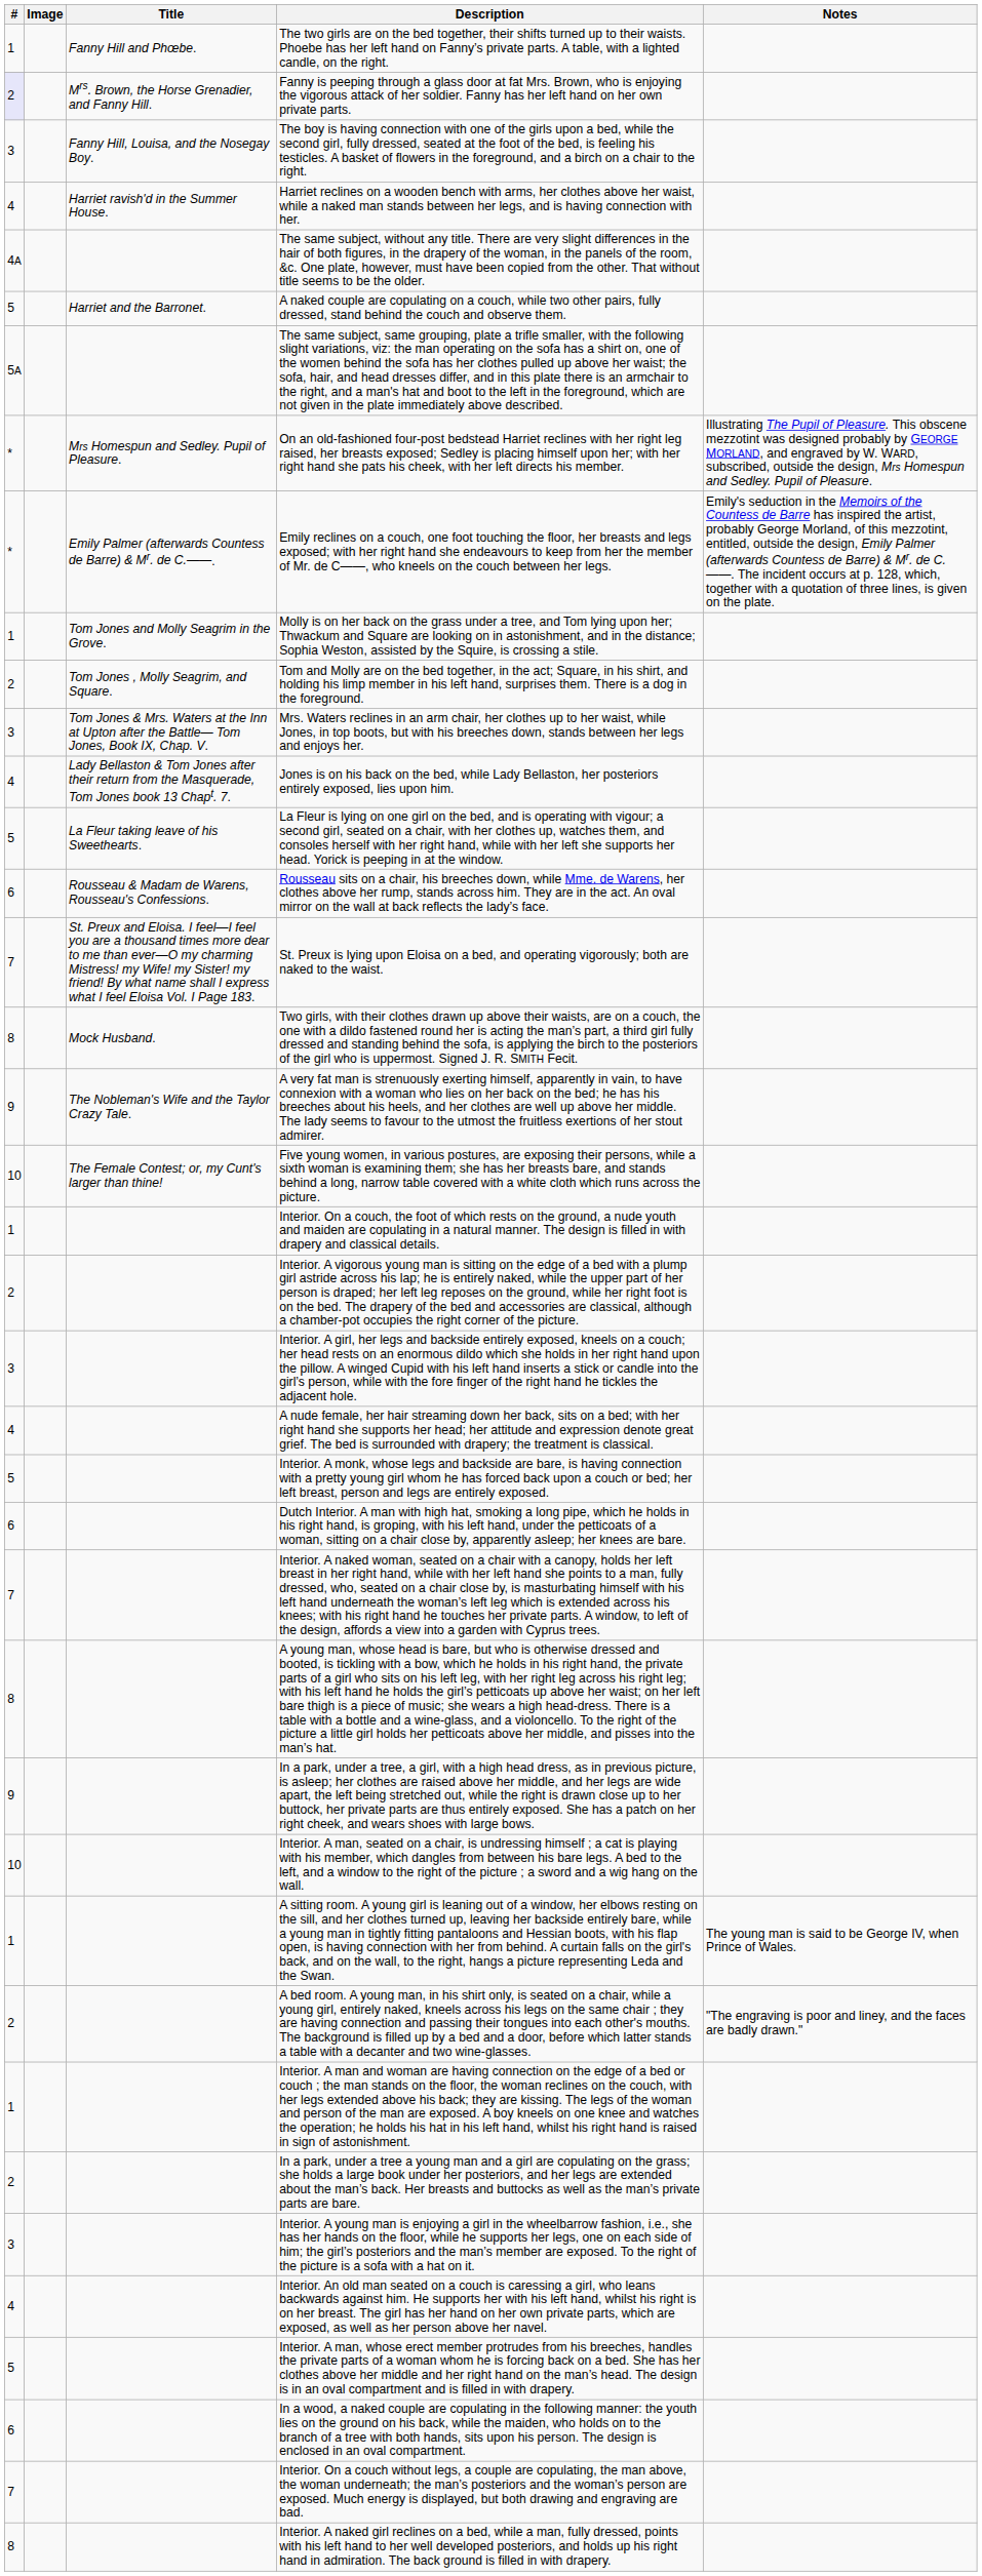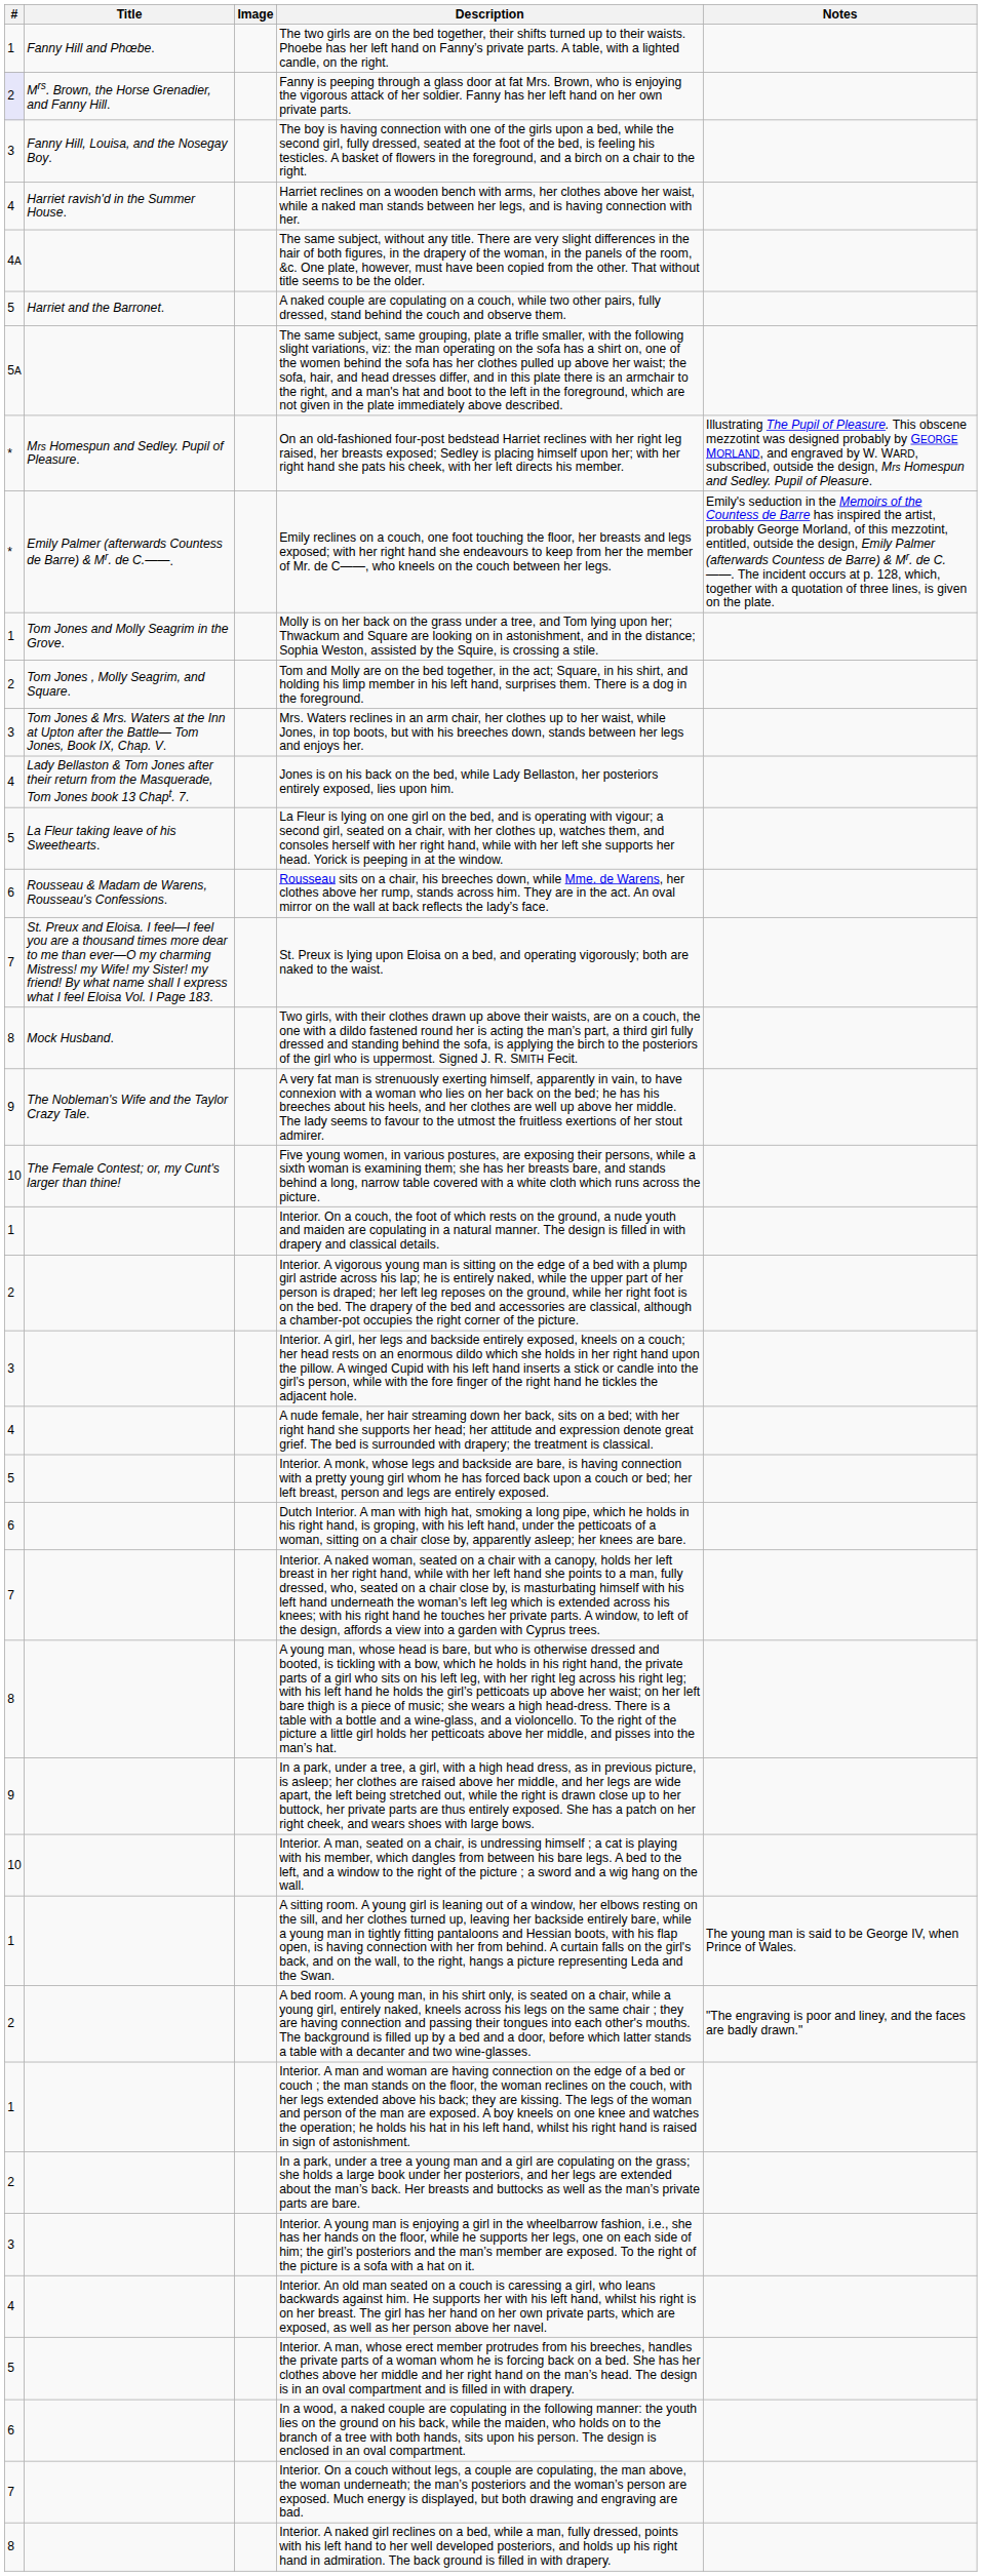 <table class="wikitable">
 <tr>
 <th>#</th>
+<th>Title</th>
 <th>Image</th>
-<th>Title</th>
 <th>Description</th>
 <th>Notes</th>
 </tr>
 <tr>
 <td>1</td>
+<td><em>Fanny Hill and Phœbe</em>.</td>
 <td></td>
-<td><em>Fanny Hill and Phœbe</em>.</td>
 <td>The two girls are on the bed together, their shifts turned up to their waists. Phoebe has her left hand on Fanny’s private parts. A table, with a lighted candle, on the right.</td>
 <td></td>
 </tr>
 <tr>
 <td style="background: lavender;">2</td>
+<td><em>M<sup>rs</sup>. Brown, the Horse Grenadier, and Fanny Hill</em>.</td>
 <td></td>
-<td><em>M<sup>rs</sup>. Brown, the Horse Grenadier, and Fanny Hill</em>.</td>
 <td>Fanny is peeping through a glass door at fat Mrs. Brown, who is enjoying the vigorous attack of her soldier. Fanny has her left hand on her own private parts.</td>
 <td></td>
 </tr>
 <tr>
 <td>3</td>
+<td><em>Fanny Hill, Louisa, and the Nosegay Boy</em>.</td>
 <td></td>
-<td><em>Fanny Hill, Louisa, and the Nosegay Boy</em>.</td>
 <td>The boy is having connection with one of the girls upon a bed, while the second girl, fully dressed, seated at the foot of the bed, is feeling his testicles. A basket of flowers in the foreground, and a birch on a chair to the right.</td>
 <td></td>
 </tr>
 <tr>
 <td>4</td>
+<td><em>Harriet ravish'd in the Summer House</em>.</td>
 <td></td>
-<td><em>Harriet ravish'd in the Summer House</em>.</td>
 <td>Harriet reclines on a wooden bench with arms, her clothes above her waist, while a naked man stands between her legs, and is having connection with her.</td>
 <td></td>
 </tr>
 <tr>
 <td>4<small>A</small></td>
 <td></td>
 <td></td>
 <td>The same subject, without any title. There are very slight differences in the hair of both figures, in the drapery of the woman, in the panels of the room, &c. One plate, however, must have been copied from the other. That without title seems to be the older.</td>
 <td></td>
 </tr>
 <tr>
 <td>5</td>
+<td><em>Harriet and the Barronet</em>.</td>
 <td></td>
-<td><em>Harriet and the Barronet</em>.</td>
 <td>A naked couple are copulating on a couch, while two other pairs, fully dressed, stand behind the couch and observe them.</td>
 <td></td>
 </tr>
 <tr>
 <td>5<small>A</small></td>
 <td></td>
 <td></td>
 <td>The same subject, same grouping, plate a trifle smaller, with the following slight variations, viz: the man operating on the sofa has a shirt on, one of the women behind the sofa has her clothes pulled up above her waist; the sofa, hair, and head dresses differ, and in this plate there is an armchair to the right, and a man's hat and boot to the left in the foreground, which are not given in the plate immediately above described.</td>
 <td></td>
 </tr>
 <tr>
 <td>*</td>
+<td><em>M<small>rs</small> Homespun and Sedley. Pupil of Pleasure</em>.</td>
 <td></td>
-<td><em>M<small>rs</small> Homespun and Sedley. Pupil of Pleasure</em>.</td>
 <td>On an old-fashioned four-post bedstead Harriet reclines with her right leg raised, her breasts exposed; Sedley is placing himself upon her; with her right hand she pats his cheek, with her left directs his member.</td>
 <td>Illustrating <em><a href='#'>The Pupil of Pleasure</a>.</em> This obscene mezzotint was designed probably by <a href='#'>G<small>EORGE</small> M<small>ORLAND</small></a>, and engraved by W. W<small>ARD</small>, subscribed, outside the design, <em>M<small>rs</small> Homespun and Sedley. Pupil of Pleasure</em>.</td>
 </tr>
 <tr>
 <td>*</td>
+<td><em>Emily Palmer (afterwards Countess de Barre) & M<sup>r</sup>. de C.——</em>.</td>
 <td></td>
-<td><em>Emily Palmer (afterwards Countess de Barre) & M<sup>r</sup>. de C.——</em>.</td>
 <td>Emily reclines on a couch, one foot touching the floor, her breasts and legs exposed; with her right hand she endeavours to keep from her the member of Mr. de C——, who kneels on the couch between her legs.</td>
 <td>Emily's seduction in the <em><a href='#'>Memoirs of the Countess de Barre</a></em> has inspired the artist, probably George Morland, of this mezzotint, entitled, outside the design, <em>Emily Palmer (afterwards Countess de Barre) & M<sup>r</sup>. de C.——</em>. The incident occurs at p. 128, which, together with a quotation of three lines, is given on the plate.</td>
 </tr>
 <tr>
 <td>1</td>
+<td><em>Tom Jones and Molly Seagrim in the Grove</em>.</td>
 <td></td>
-<td><em>Tom Jones and Molly Seagrim in the Grove</em>.</td>
 <td>Molly is on her back on the grass under a tree, and Tom lying upon her; Thwackum and Square are looking on in astonishment, and in the distance; Sophia Weston, assisted by the Squire, is crossing a stile.</td>
 <td></td>
 </tr>
 <tr>
 <td>2</td>
+<td><em>Tom Jones , Molly Seagrim, and Square</em>.</td>
 <td></td>
-<td><em>Tom Jones , Molly Seagrim, and Square</em>.</td>
 <td>Tom and Molly are on the bed together, in the act; Square, in his shirt, and holding his limp member in his left hand, surprises them. There is a dog in the foreground.</td>
 <td></td>
 </tr>
 <tr>
 <td>3</td>
+<td><em>Tom Jones & Mrs. Waters at the Inn at Upton after the Battle— Tom Jones, Book IX, Chap. V</em>.</td>
 <td></td>
-<td><em>Tom Jones & Mrs. Waters at the Inn at Upton after the Battle— Tom Jones, Book IX, Chap. V</em>.</td>
 <td>Mrs. Waters reclines in an arm chair, her clothes up to her waist, while Jones, in top boots, but with his breeches down, stands between her legs and enjoys her.</td>
 <td></td>
 </tr>
 <tr>
 <td>4</td>
+<td><em>Lady Bellaston & Tom Jones after their return from the Masquerade, Tom Jones book 13 Chap<sup>t</sup>. 7</em>.</td>
 <td></td>
-<td><em>Lady Bellaston & Tom Jones after their return from the Masquerade, Tom Jones book 13 Chap<sup>t</sup>. 7</em>.</td>
 <td>Jones is on his back on the bed, while Lady Bellaston, her posteriors entirely exposed, lies upon him.</td>
 <td></td>
 </tr>
 <tr>
 <td>5</td>
+<td><em>La Fleur taking leave of his Sweethearts</em>.</td>
 <td></td>
-<td><em>La Fleur taking leave of his Sweethearts</em>.</td>
 <td>La Fleur is lying on one girl on the bed, and is operating with vigour; a second girl, seated on a chair, with her clothes up, watches them, and consoles herself with her right hand, while with her left she supports her head. Yorick is peeping in at the window.</td>
 <td></td>
 </tr>
 <tr>
 <td>6</td>
+<td><em>Rousseau & Madam de Warens, Rousseau's Confessions</em>.</td>
 <td></td>
-<td><em>Rousseau & Madam de Warens, Rousseau's Confessions</em>.</td>
 <td><a href='#'>Rousseau</a> sits on a chair, his breeches down, while <a href='#'>Mme. de Warens</a>, her clothes above her rump, stands across him. They are in the act. An oval mirror on the wall at back reflects the lady’s face.</td>
 <td></td>
 </tr>
 <tr>
 <td>7</td>
+<td><em>St. Preux and Eloisa. I feel—I feel you are a thousand times more dear to me than ever—O my charming Mistress! my Wife! my Sister! my friend! By what name shall I express what I feel Eloisa Vol. I Page 183</em>.</td>
 <td></td>
-<td><em>St. Preux and Eloisa. I feel—I feel you are a thousand times more dear to me than ever—O my charming Mistress! my Wife! my Sister! my friend! By what name shall I express what I feel Eloisa Vol. I Page 183</em>.</td>
 <td>St. Preux is lying upon Eloisa on a bed, and operating vigorously; both are naked to the waist.</td>
 <td></td>
 </tr>
 <tr>
 <td>8</td>
+<td><em>Mock Husband</em>.</td>
 <td></td>
-<td><em>Mock Husband</em>.</td>
 <td>Two girls, with their clothes drawn up above their waists, are on a couch, the one with a dildo fastened round her is acting the man’s part, a third girl fully dressed and standing behind the sofa, is applying the birch to the posteriors of the girl who is uppermost. Signed J. R. S<small>MITH</small> Fecit.</td>
 <td></td>
 </tr>
 <tr>
 <td>9</td>
+<td><em>The Nobleman's Wife and the Taylor Crazy Tale</em>.</td>
 <td></td>
-<td><em>The Nobleman's Wife and the Taylor Crazy Tale</em>.</td>
 <td>A very fat man is strenuously exerting himself, apparently in vain, to have connexion with a woman who lies on her back on the bed; he has his breeches about his heels, and her clothes are well up above her middle. The lady seems to favour to the utmost the fruitless exertions of her stout admirer.</td>
 <td></td>
 </tr>
 <tr>
 <td>10</td>
+<td><em>The Female Contest; or, my Cunt's larger than thine!</em></td>
 <td></td>
-<td><em>The Female Contest; or, my Cunt's larger than thine!</em></td>
 <td>Five young women, in various postures, are exposing their persons, while a sixth woman is examining them; she has her breasts bare, and stands behind a long, narrow table covered with a white cloth which runs across the picture.</td>
 <td></td>
 </tr>
 <tr>
 <td>1</td>
 <td></td>
 <td></td>
 <td>Interior. On a couch, the foot of which rests on the ground, a nude youth and maiden are copulating in a natural manner. The design is filled in with drapery and classical details.</td>
 <td></td>
 </tr>
 <tr>
 <td>2</td>
 <td></td>
 <td></td>
 <td>Interior. A vigorous young man is sitting on the edge of a bed with a plump girl astride across his lap; he is entirely naked, while the upper part of her person is draped; her left leg reposes on the ground, while her right foot is on the bed. The drapery of the bed and accessories are classical, although a chamber-pot occupies the right corner of the picture.</td>
 <td></td>
 </tr>
 <tr>
 <td>3</td>
 <td></td>
 <td></td>
 <td>Interior. A girl, her legs and backside entirely exposed, kneels on a couch; her head rests on an enormous dildo which she holds in her right hand upon the pillow. A winged Cupid with his left hand inserts a stick or candle into the girl’s person, while with the fore finger of the right hand he tickles the adjacent hole.</td>
 <td></td>
 </tr>
 <tr>
 <td>4</td>
 <td></td>
 <td></td>
 <td>A nude female, her hair streaming down her back, sits on a bed; with her right hand she supports her head; her attitude and expression denote great grief. The bed is surrounded with drapery; the treatment is classical.</td>
 <td></td>
 </tr>
 <tr>
 <td>5</td>
 <td></td>
 <td></td>
 <td>Interior. A monk, whose legs and backside are bare, is having connection with a pretty young girl whom he has forced back upon a couch or bed; her left breast, person and legs are entirely exposed.</td>
 <td></td>
 </tr>
 <tr>
 <td>6</td>
 <td></td>
 <td></td>
 <td>Dutch Interior. A man with high hat, smoking a long pipe, which he holds in his right hand, is groping, with his left hand, under the petticoats of a woman, sitting on a chair close by, apparently asleep; her knees are bare.</td>
 <td></td>
 </tr>
 <tr>
 <td>7</td>
 <td></td>
 <td></td>
 <td>Interior. A naked woman, seated on a chair with a canopy, holds her left breast in her right hand, while with her left hand she points to a man, fully dressed, who, seated on a chair close by, is masturbating himself with his left hand underneath the woman’s left leg which is extended across his knees; with his right hand he touches her private parts. A window, to left of the design, affords a view into a garden with Cyprus trees.</td>
 <td></td>
 </tr>
 <tr>
 <td>8</td>
 <td></td>
 <td></td>
 <td>A young man, whose head is bare, but who is otherwise dressed and booted, is tickling with a bow, which he holds in his right hand, the private parts of a girl who sits on his left leg, with her right leg across his right leg; with his left hand he holds the girl’s petticoats up above her waist; on her left bare thigh is a piece of music; she wears a high head-dress. There is a table with a bottle and a wine-glass, and a violoncello. To the right of the picture a little girl holds her petticoats above her middle, and pisses into the man’s hat.</td>
 <td></td>
 </tr>
 <tr>
 <td>9</td>
 <td></td>
 <td></td>
 <td>In a park, under a tree, a girl, with a high head dress, as in previous picture, is asleep; her clothes are raised above her middle, and her legs are wide apart, the left being stretched out, while the right is drawn close up to her buttock, her private parts are thus entirely exposed. She has a patch on her right cheek, and wears shoes with large bows.</td>
 <td></td>
 </tr>
 <tr>
 <td>10</td>
 <td></td>
 <td></td>
 <td>Interior. A man, seated on a chair, is undressing himself ; a cat is playing with his member, which dangles from between his bare legs. A bed to the left, and a window to the right of the picture ; a sword and a wig hang on the wall.</td>
 <td></td>
 </tr>
 <tr>
 <td>1</td>
 <td></td>
 <td></td>
 <td>A sitting room. A young girl is leaning out of a window, her elbows resting on the sill, and her clothes turned up, leaving her backside entirely bare, while a young man in tightly fitting pantaloons and Hessian boots, with his flap open, is having connection with her from behind. A curtain falls on the girl's back, and on the wall, to the right, hangs a picture representing Leda and the Swan.</td>
 <td>The young man is said to be George IV, when Prince of Wales.</td>
 </tr>
 <tr>
 <td>2</td>
 <td></td>
 <td></td>
 <td>A bed room. A young man, in his shirt only, is seated on a chair, while a young girl, entirely naked, kneels across his legs on the same chair ; they are having connection and passing their tongues into each other's mouths. The background is filled up by a bed and a door, before which latter stands a table with a decanter and two wine-glasses.</td>
 <td>"The engraving is poor and liney, and the faces are badly drawn."</td>
 </tr>
 <tr>
 <td>1</td>
 <td></td>
 <td></td>
 <td>Interior. A man and woman are having connection on the edge of a bed or couch ; the man stands on the floor, the woman reclines on the couch, with her legs extended above his back; they are kissing. The legs of the woman and person of the man are exposed. A boy kneels on one knee and watches the operation; he holds his hat in his left hand, whilst his right hand is raised in sign of astonishment.</td>
 <td></td>
 </tr>
 <tr>
 <td>2</td>
 <td></td>
 <td></td>
 <td>In a park, under a tree a young man and a girl are copulating on the grass; she holds a large book under her posteriors, and her legs are extended about the man’s back. Her breasts and buttocks as well as the man’s private parts are bare.</td>
 <td></td>
 </tr>
 <tr>
 <td>3</td>
 <td></td>
 <td></td>
 <td>Interior. A young man is enjoying a girl in the wheelbarrow fashion, i.e., she has her hands on the floor, while he supports her legs, one on each side of him; the girl’s posteriors and the man’s member are exposed. To the right of the picture is a sofa with a hat on it.</td>
 <td></td>
 </tr>
 <tr>
 <td>4</td>
 <td></td>
 <td></td>
 <td>Interior. An old man seated on a couch is caressing a girl, who leans backwards against him. He supports her with his left hand, whilst his right is on her breast. The girl has her hand on her own private parts, which are exposed, as well as her person above her navel.</td>
 <td></td>
 </tr>
 <tr>
 <td>5</td>
 <td></td>
 <td></td>
 <td>Interior. A man, whose erect member protrudes from his breeches, handles the private parts of a woman whom he is forcing back on a bed. She has her clothes above her middle and her right hand on the man’s head. The design is in an oval compartment and is filled in with drapery.</td>
 <td></td>
 </tr>
 <tr>
 <td>6</td>
 <td></td>
 <td></td>
 <td>In a wood, a naked couple are copulating in the following manner: the youth lies on the ground on his back, while the maiden, who holds on to the branch of a tree with both hands, sits upon his person. The design is enclosed in an oval compartment.</td>
 <td></td>
 </tr>
 <tr>
 <td>7</td>
 <td></td>
 <td></td>
 <td>Interior. On a couch without legs, a couple are copulating, the man above, the woman underneath; the man’s posteriors and the woman’s person are exposed. Much energy is displayed, but both drawing and engraving are bad.</td>
 <td></td>
 </tr>
 <tr>
 <td>8</td>
 <td></td>
 <td></td>
 <td>Interior. A naked girl reclines on a bed, while a man, fully dressed, points with his left hand to her well developed posteriors, and holds up his right hand in admiration. The back ground is filled in with drapery.</td>
 <td></td>
 </tr>
 </table>
